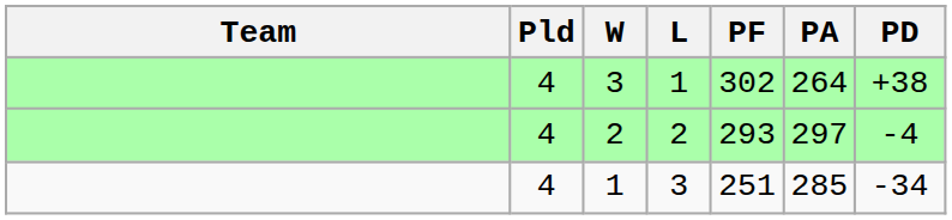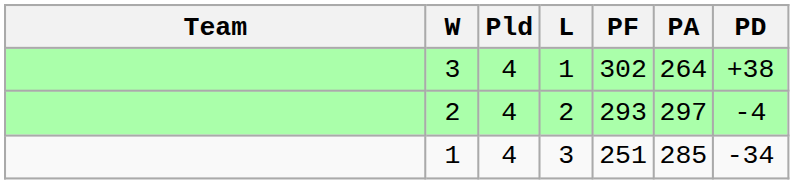 <table class=wikitable style="text-align:center">
 <tr>
 <th width=200>Team</th>
+<th width=20>W</th>
 <th width=20>Pld</th>
-<th width=20>W</th>
 <th width=20>L</th>
 <th width=20>PF</th>
 <th width=20>PA</th>
 <th width=30>PD</th>
 </tr>
 <tr bgcolor=#aaffaa>
 <td align=left></td>
+<td>3</td>
 <td>4</td>
-<td>3</td>
 <td>1</td>
 <td>302</td>
 <td>264</td>
 <td>+38</td>
 </tr>
 <tr bgcolor=#aaffaa>
 <td align=left></td>
+<td>2</td>
 <td>4</td>
-<td>2</td>
 <td>2</td>
 <td>293</td>
 <td>297</td>
 <td>-4</td>
 </tr>
 <tr bgcolor=>
 <td align=left></td>
+<td>1</td>
 <td>4</td>
-<td>1</td>
 <td>3</td>
 <td>251</td>
 <td>285</td>
 <td>-34</td>
 </tr>
 </table>
